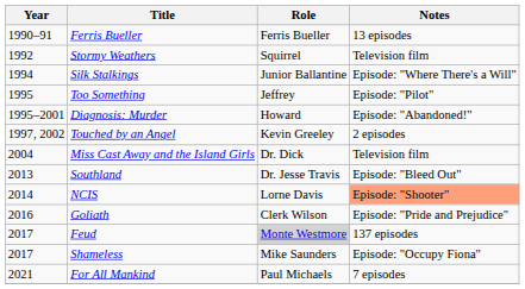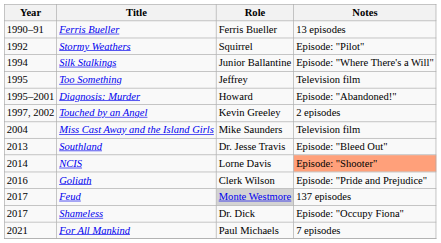 <table class="wikitable sortable">
 <tr>
 <th>Year</th>
 <th>Title</th>
 <th>Role</th>
 <th>Notes</th>
 </tr>
 <tr>
 <td>1990–91</td>
 <td><em><a href='#'>Ferris Bueller</a></em></td>
 <td>Ferris Bueller</td>
 <td>13 episodes</td>
 </tr>
 <tr>
 <td>1992</td>
 <td><a href='#'><em>Stormy Weathers</em></a></td>
 <td>Squirrel</td>
-<td>Television film</td>
+<td>Episode: "Pilot"</td>
 </tr>
 <tr>
 <td>1994</td>
 <td><em><a href='#'>Silk Stalkings</a></em></td>
 <td>Junior Ballantine</td>
 <td>Episode: "Where There's a Will"</td>
 </tr>
 <tr>
 <td>1995</td>
 <td><em><a href='#'>Too Something</a></em></td>
 <td>Jeffrey</td>
-<td>Episode: "Pilot"</td>
+<td>Television film</td>
 </tr>
 <tr>
 <td>1995–2001</td>
 <td><em><a href='#'>Diagnosis: Murder</a></em></td>
 <td>Howard</td>
 <td>Episode: "Abandoned!"</td>
 </tr>
 <tr>
 <td>1997, 2002</td>
 <td><em><a href='#'>Touched by an Angel</a></em></td>
 <td>Kevin Greeley</td>
 <td>2 episodes</td>
 </tr>
 <tr>
 <td>2004</td>
 <td><em><a href='#'>Miss Cast Away and the Island Girls</a></em></td>
-<td>Dr. Dick</td>
+<td>Mike Saunders</td>
 <td>Television film</td>
 </tr>
 <tr>
 <td>2013</td>
 <td><em><a href='#'>Southland</a></em></td>
 <td>Dr. Jesse Travis</td>
 <td>Episode: "Bleed Out"</td>
 </tr>
 <tr>
 <td>2014</td>
 <td><em><a href='#'>NCIS</a></em></td>
 <td>Lorne Davis</td>
 <td style="background: lightsalmon;">Episode: "Shooter"</td>
 </tr>
 <tr>
 <td>2016</td>
 <td><em><a href='#'>Goliath</a></em></td>
 <td>Clerk Wilson</td>
 <td>Episode: "Pride and Prejudice"</td>
 </tr>
 <tr>
 <td>2017</td>
 <td><em><a href='#'>Feud</a></em></td>
 <td style="background: lightgrey;"><a href='#'>Monte Westmore</a></td>
 <td>137 episodes</td>
 </tr>
 <tr>
 <td>2017</td>
 <td><em><a href='#'>Shameless</a></em></td>
-<td>Mike Saunders</td>
+<td>Dr. Dick</td>
 <td>Episode: "Occupy Fiona"</td>
 </tr>
 <tr>
 <td>2021</td>
 <td><em><a href='#'>For All Mankind</a></em></td>
 <td>Paul Michaels</td>
 <td>7 episodes</td>
 </tr>
 <tr>
 </tr>
 </table>
